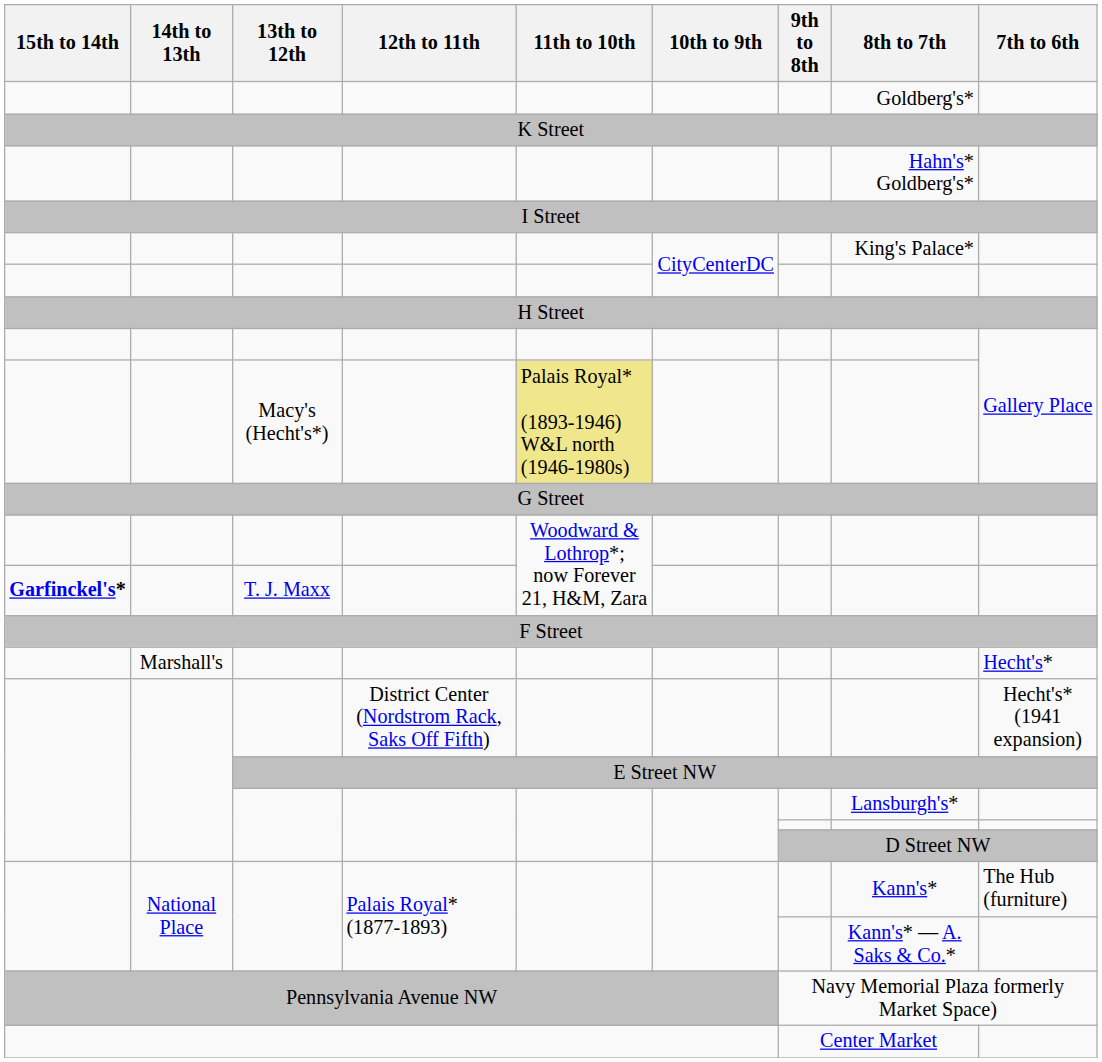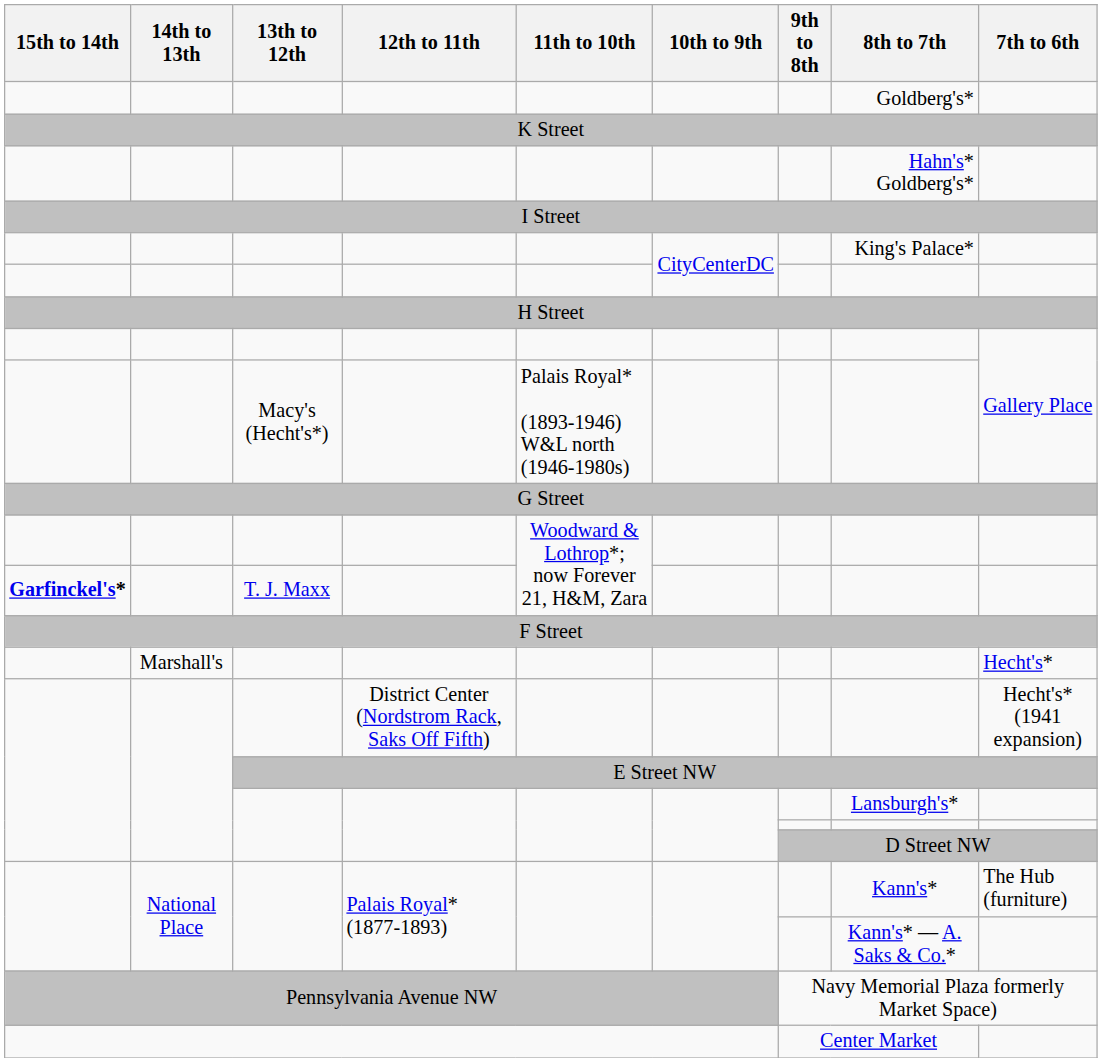 <table class=wikitable>
 <tr>
 <th>15th to 14th</th>
 <th>14th to 13th</th>
 <th>13th to 12th</th>
 <th>12th to 11th</th>
 <th>11th to 10th</th>
 <th>10th to 9th</th>
 <th>9th to 8th</th>
 <th>8th to 7th</th>
 <th>7th to 6th</th>
 </tr>
 <tr>
 <td></td>
 <td></td>
 <td></td>
 <td></td>
 <td></td>
 <td></td>
 <td></td>
 <td style="text-align:right;">Goldberg's*</td>
 <td></td>
 </tr>
 <tr>
 <td style="text-align:center; background:silver;" colspan="9">K Street</td>
 </tr>
 <tr>
 <td></td>
 <td></td>
 <td></td>
 <td></td>
 <td></td>
 <td></td>
 <td></td>
 <td style="text-align:right;"><a href='#'>Hahn's</a>*<br>Goldberg's*</td>
 <td></td>
 </tr>
 <tr>
 <td style="text-align:center; background:silver;" colspan="9">I Street</td>
 </tr>
 <tr>
 <td></td>
 <td></td>
 <td></td>
 <td></td>
 <td></td>
 <td rowspan=2 style="text-align:center;"><a href='#'>CityCenterDC</a></td>
 <td></td>
 <td style="text-align:right;">King's Palace*</td>
 <td></td>
 </tr>
 <tr>
 <td> </td>
 <td></td>
 <td></td>
 <td></td>
 <td></td>
 <td></td>
 <td></td>
 <td></td>
 </tr>
 <tr>
 <td style="text-align:center; background:silver;" colspan="9">H Street</td>
 </tr>
 <tr>
 <td></td>
 <td> </td>
 <td></td>
 <td></td>
 <td></td>
 <td></td>
 <td></td>
 <td></td>
 <td rowspan=2 style="text-align:center;"><a href='#'>Gallery Place</a></td>
 </tr>
 <tr>
 <td></td>
 <td></td>
 <td style="text-align:center;">Macy's (Hecht's*)</td>
 <td></td>
-<td style="background: khaki;">Palais Royal*<br><br>(1893-1946)<br> W&L north (1946-1980s)</td>
+<td>Palais Royal*<br><br>(1893-1946)<br> W&L north (1946-1980s)</td>
 <td></td>
 <td></td>
 <td></td>
 </tr>
 <tr>
 <td style="text-align:center; background:silver;" colspan="9">G Street</td>
 </tr>
 <tr>
 <td> </td>
 <td></td>
 <td></td>
 <td></td>
 <td rowspan=2 style="text-align:center;"><a href='#'>Woodward & Lothrop</a>*;<br>now Forever 21, H&M, Zara</td>
 <td></td>
 <td></td>
 <td></td>
 <td></td>
 </tr>
 <tr>
 <td style="text-align:right;"><strong><a href='#'>Garfinckel's</a>*</strong></td>
 <td></td>
 <td style="text-align:center;"><a href='#'>T. J. Maxx</a></td>
 <td></td>
 <td></td>
 <td></td>
 <td></td>
 <td></td>
 </tr>
 <tr>
 <td style="text-align:center; background:silver;" colspan="9">F Street</td>
 </tr>
 <tr>
 <td></td>
 <td style="text-align:center;">Marshall's</td>
 <td></td>
 <td></td>
 <td></td>
 <td></td>
 <td></td>
 <td></td>
 <td style="text-align:left;"><a href='#'>Hecht's</a>*</td>
 </tr>
 <tr>
 <td rowspan="5"></td>
 <td rowspan="5"></td>
 <td></td>
 <td style="text-align:center;">District Center<br>(<a href='#'>Nordstrom Rack</a>,<br><a href='#'>Saks Off Fifth</a>)</td>
 <td></td>
 <td></td>
 <td></td>
 <td></td>
 <td style="text-align:center;">Hecht's*<br>(1941<br>expansion)</td>
 </tr>
 <tr>
 <td style="text-align:center; background:silver;" colspan="7">E Street NW</td>
 </tr>
 <tr>
 <td rowspan="3"></td>
 <td rowspan="3"></td>
 <td rowspan="3"></td>
 <td rowspan="3"></td>
 <td></td>
 <td style="text-align:center;"><a href='#'>Lansburgh's</a>*</td>
 <td></td>
 </tr>
 <tr>
 <td></td>
 <td></td>
 <td></td>
 </tr>
 <tr>
 <td style="text-align:center; background:silver;" colspan="3">D Street NW</td>
 </tr>
 <tr>
 <td rowspan="2"></td>
 <td rowspan="2" style="text-align:center;"><a href='#'>National Place</a></td>
 <td rowspan="2"></td>
 <td rowspan="2"><a href='#'>Palais Royal</a>* (1877-1893)</td>
 <td rowspan="2"></td>
 <td rowspan="2"></td>
 <td></td>
 <td style="text-align:center;"><a href='#'>Kann's</a>*</td>
 <td style="text-align:left;">The Hub<br>(furniture)</td>
 </tr>
 <tr>
 <td></td>
 <td style="text-align:center;"><a href='#'>Kann's</a>* — <a href='#'>A. Saks & Co.</a>*</td>
 <td></td>
 </tr>
 <tr>
 <td style="text-align:center; background:silver;" colspan="6">Pennsylvania Avenue NW</td>
 <td style="text-align:center;" colspan="3">Navy Memorial Plaza formerly Market Space)</td>
 </tr>
 <tr>
 <td style="text-align:center;" colspan="6"></td>
 <td style="text-align:center;" colspan="2"><a href='#'>Center Market</a></td>
 <td></td>
 </tr>
 </table>
